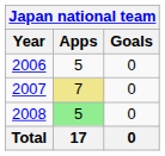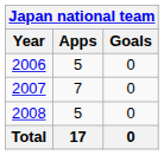 <table class="wikitable" style="text-align:center">
 <tr>
 <th colspan=3><a href='#'>Japan national team</a></th>
 </tr>
 <tr>
 <th>Year</th>
 <th>Apps</th>
 <th>Goals</th>
 </tr>
 <tr>
 <td><a href='#'>2006</a></td>
 <td>5</td>
 <td>0</td>
 </tr>
 <tr>
 <td><a href='#'>2007</a></td>
-<td style="background: khaki;">7</td>
+<td>7</td>
 <td>0</td>
 </tr>
 <tr>
 <td><a href='#'>2008</a></td>
-<td style="background: lightgreen;">5</td>
+<td>5</td>
 <td>0</td>
 </tr>
 <tr>
 <th>Total</th>
 <th>17</th>
 <th>0</th>
 </tr>
 </table>
